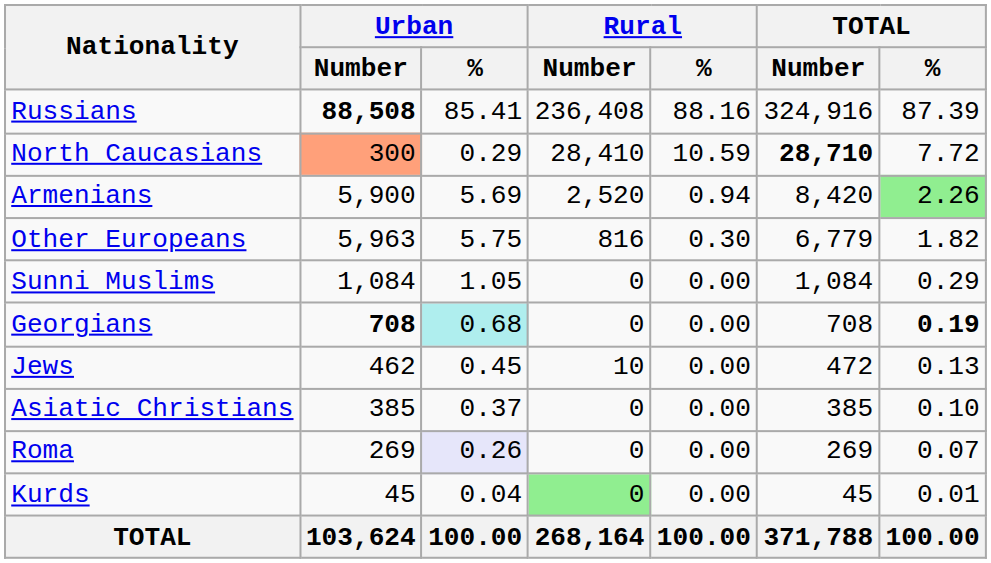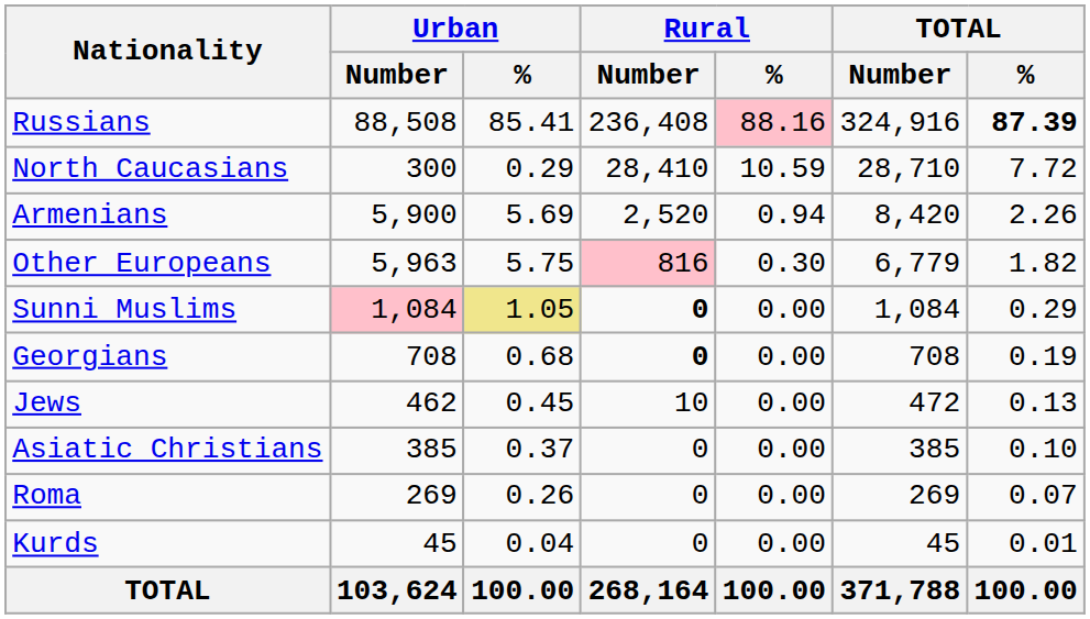 <table class="wikitable sortable">
 <tr>
 <th rowspan="2">Nationality</th>
 <th colspan="2"><a href='#'>Urban</a></th>
 <th colspan="2"><a href='#'>Rural</a></th>
 <th colspan="2">TOTAL</th>
 </tr>
 <tr>
 <th>Number</th>
 <th>%</th>
 <th>Number</th>
 <th>%</th>
 <th>Number</th>
 <th>%</th>
 </tr>
 <tr>
 <td><a href='#'>Russians</a></td>
-<td align="right"><strong>88,508</strong></td>
+<td align="right">88,508</td>
 <td align="right">85.41</td>
 <td align="right">236,408</td>
-<td align="right">88.16</td>
+<td align="right" style="background: pink;">88.16</td>
 <td align="right">324,916</td>
-<td align="right">87.39</td>
+<td align="right"><strong>87.39</strong></td>
 </tr>
 <tr>
 <td><a href='#'>North Caucasians</a></td>
-<td align="right" style="background: lightsalmon;">300</td>
+<td align="right">300</td>
 <td align="right">0.29</td>
 <td align="right">28,410</td>
 <td align="right">10.59</td>
-<td align="right"><strong>28,710</strong></td>
+<td align="right">28,710</td>
 <td align="right">7.72</td>
 </tr>
 <tr>
 <td><a href='#'>Armenians</a></td>
 <td align="right">5,900</td>
 <td align="right">5.69</td>
 <td align="right">2,520</td>
 <td align="right">0.94</td>
 <td align="right">8,420</td>
-<td align="right" style="background: lightgreen;">2.26</td>
+<td align="right">2.26</td>
 </tr>
 <tr>
 <td><a href='#'>Other Europeans</a></td>
 <td align="right">5,963</td>
 <td align="right">5.75</td>
-<td align="right">816</td>
+<td align="right" style="background: pink;">816</td>
 <td align="right">0.30</td>
 <td align="right">6,779</td>
 <td align="right">1.82</td>
 </tr>
 <tr>
 <td><a href='#'>Sunni Muslims</a></td>
-<td align="right">1,084</td>
-<td align="right">1.05</td>
-<td align="right">0</td>
+<td align="right" style="background: pink;">1,084</td>
+<td align="right" style="background: khaki;">1.05</td>
+<td align="right"><strong>0</strong></td>
 <td align="right">0.00</td>
 <td align="right">1,084</td>
 <td align="right">0.29</td>
 </tr>
 <tr>
 <td><a href='#'>Georgians</a></td>
-<td align="right"><strong>708</strong></td>
-<td align="right" style="background: paleturquoise;">0.68</td>
-<td align="right">0</td>
+<td align="right">708</td>
+<td align="right">0.68</td>
+<td align="right"><strong>0</strong></td>
 <td align="right">0.00</td>
 <td align="right">708</td>
-<td align="right"><strong>0.19</strong></td>
+<td align="right">0.19</td>
 </tr>
 <tr>
 <td><a href='#'>Jews</a></td>
 <td align="right">462</td>
 <td align="right">0.45</td>
 <td align="right">10</td>
 <td align="right">0.00</td>
 <td align="right">472</td>
 <td align="right">0.13</td>
 </tr>
 <tr>
 <td><a href='#'>Asiatic Christians</a></td>
 <td align="right">385</td>
 <td align="right">0.37</td>
 <td align="right">0</td>
 <td align="right">0.00</td>
 <td align="right">385</td>
 <td align="right">0.10</td>
 </tr>
 <tr>
 <td><a href='#'>Roma</a></td>
 <td align="right">269</td>
-<td align="right" style="background: lavender;">0.26</td>
+<td align="right">0.26</td>
 <td align="right">0</td>
 <td align="right">0.00</td>
 <td align="right">269</td>
 <td align="right">0.07</td>
 </tr>
 <tr>
 <td><a href='#'>Kurds</a></td>
 <td align="right">45</td>
 <td align="right">0.04</td>
-<td align="right" style="background: lightgreen;">0</td>
+<td align="right">0</td>
 <td align="right">0.00</td>
 <td align="right">45</td>
 <td align="right">0.01</td>
 </tr>
 <tr>
 <th>TOTAL</th>
 <th>103,624</th>
 <th>100.00</th>
 <th>268,164</th>
 <th>100.00</th>
 <th>371,788</th>
 <th>100.00</th>
 </tr>
 </table>
